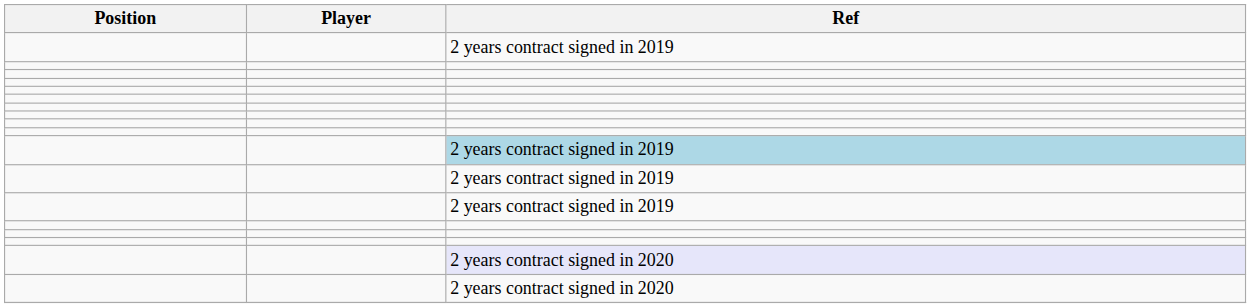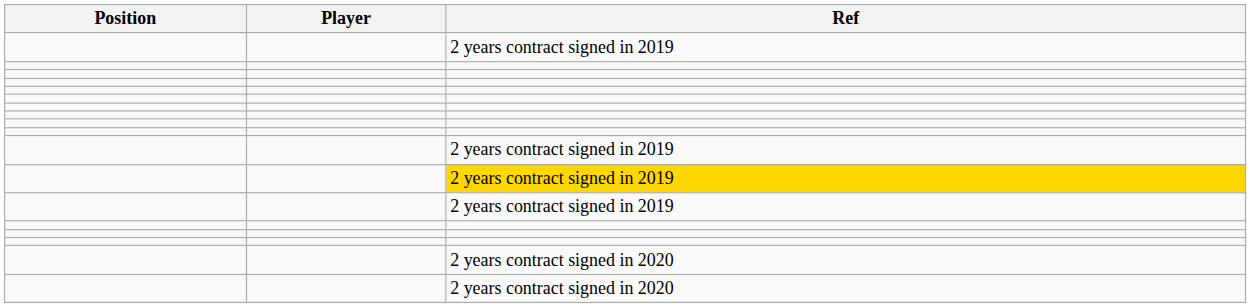 <table class="wikitable sortable" style="width:70%; text-align:center; font-size:100%; text-align:left;">
 <tr>
 <th>Position</th>
 <th>Player</th>
 <th>Ref</th>
 </tr>
 <tr>
 <td></td>
 <td></td>
 <td>2 years contract signed in 2019 </td>
 </tr>
 <tr>
 <td></td>
 <td></td>
 <td></td>
 </tr>
 <tr>
 <td></td>
 <td></td>
 <td></td>
 </tr>
 <tr>
 <td></td>
 <td></td>
 <td></td>
 </tr>
 <tr>
 <td></td>
 <td></td>
 <td></td>
 </tr>
 <tr>
 <td></td>
 <td></td>
 <td></td>
 </tr>
 <tr>
 <td></td>
 <td></td>
 <td></td>
 </tr>
 <tr>
 <td></td>
 <td></td>
 <td></td>
 </tr>
 <tr>
 <td></td>
 <td></td>
 <td></td>
 </tr>
 <tr>
 <td></td>
 <td></td>
 <td></td>
 </tr>
 <tr>
 <td></td>
 <td></td>
-<td style="background: lightblue;">2 years contract signed in 2019 </td>
+<td>2 years contract signed in 2019 </td>
 </tr>
 <tr>
 <td></td>
 <td></td>
-<td>2 years contract signed in 2019 </td>
+<td style="background: gold;">2 years contract signed in 2019 </td>
 </tr>
 <tr>
 <td></td>
 <td></td>
 <td>2 years contract signed in 2019 </td>
 </tr>
 <tr>
 <td></td>
 <td></td>
 <td></td>
 </tr>
 <tr>
 <td></td>
 <td></td>
 <td></td>
 </tr>
 <tr>
 <td></td>
 <td></td>
 <td></td>
 </tr>
 <tr>
 <td></td>
 <td></td>
-<td style="background: lavender;">2 years contract signed in 2020 </td>
+<td>2 years contract signed in 2020 </td>
 </tr>
 <tr>
 <td></td>
 <td></td>
 <td>2 years contract signed in 2020 </td>
 </tr>
 <tr>
 </tr>
 </table>
